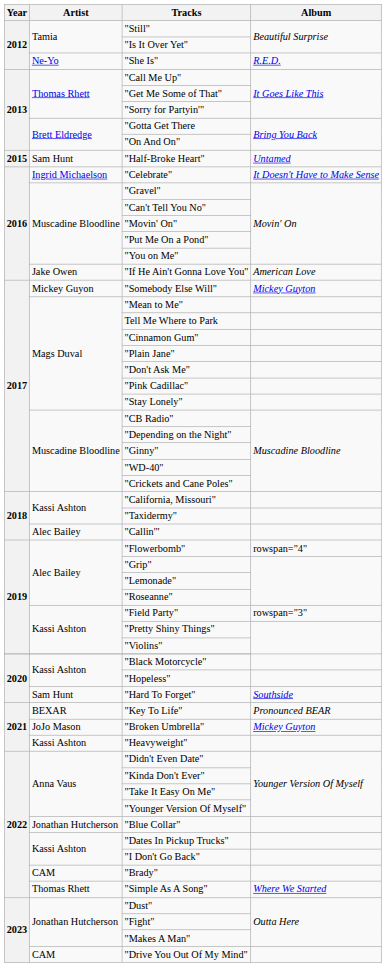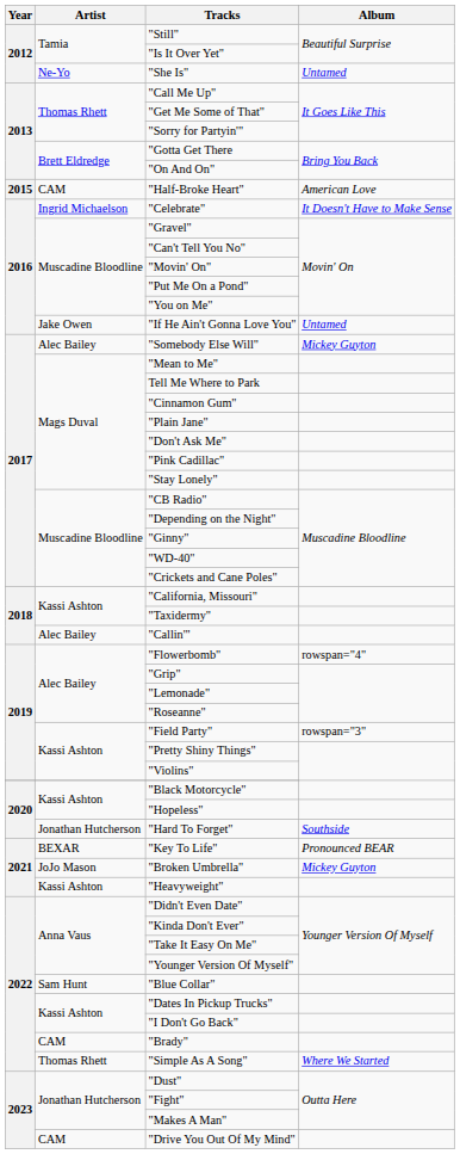 <table class="wikitable">
 <tr>
 <th>Year</th>
 <th>Artist</th>
 <th>Tracks</th>
 <th>Album</th>
 </tr>
 <tr>
 <th rowspan="3">2012</th>
 <td rowspan="2">Tamia</td>
 <td>"Still"</td>
 <td rowspan="2"><em>Beautiful Surprise</em></td>
 </tr>
 <tr>
 <td>"Is It Over Yet"</td>
 </tr>
 <tr>
 <td><a href='#'>Ne-Yo</a></td>
 <td>"She Is"</td>
-<td><em><a href='#'>R.E.D.</a></em></td>
+<td><em><a href='#'>Untamed</a></em></td>
 </tr>
 <tr>
 <th rowspan="5">2013</th>
 <td rowspan="3"><a href='#'>Thomas Rhett</a></td>
 <td>"Call Me Up"</td>
 <td rowspan="3"><em><a href='#'>It Goes Like This</a></em></td>
 </tr>
 <tr>
 <td>"Get Me Some of That"</td>
 </tr>
 <tr>
 <td>"Sorry for Partyin'"</td>
 </tr>
 <tr>
 <td rowspan = "2"><a href='#'>Brett Eldredge</a></td>
 <td>"Gotta Get There</td>
 <td rowspan = "2"><em><a href='#'>Bring You Back</a></em></td>
 </tr>
 <tr>
 <td>"On And On"</td>
 </tr>
 <tr>
 <th>2015</th>
-<td>Sam Hunt</td>
+<td>CAM</td>
 <td>"Half-Broke Heart"</td>
-<td><em><a href='#'>Untamed</a></em></td>
+<td><em>American Love</em></td>
 </tr>
 <tr>
 <th rowspan="7">2016</th>
 <td><a href='#'>Ingrid Michaelson</a></td>
 <td>"Celebrate"</td>
 <td><em><a href='#'>It Doesn't Have to Make Sense</a></em></td>
 </tr>
 <tr>
 <td rowspan="5">Muscadine Bloodline</td>
 <td>"Gravel"</td>
 <td rowspan="5"><em>Movin' On</em></td>
 </tr>
 <tr>
 <td>"Can't Tell You No"</td>
 </tr>
 <tr>
 <td>"Movin' On"</td>
 </tr>
 <tr>
 <td>"Put Me On a Pond"</td>
 </tr>
 <tr>
 <td>"You on Me"</td>
 </tr>
 <tr>
 <td>Jake Owen</td>
 <td>"If He Ain't Gonna Love You"</td>
-<td><em>American Love</em></td>
+<td><em><a href='#'>Untamed</a></em></td>
 </tr>
 <tr>
 <th rowspan="13">2017</th>
-<td>Mickey Guyon</td>
+<td>Alec Bailey</td>
 <td>"Somebody Else Will"</td>
 <td><em><a href='#'>Mickey Guyton</a></em></td>
 </tr>
 <tr>
 <td rowspan="7">Mags Duval</td>
 <td>"Mean to Me"</td>
 <td></td>
 </tr>
 <tr>
 <td>Tell Me Where to Park</td>
 <td></td>
 </tr>
 <tr>
 <td>"Cinnamon Gum"</td>
 <td></td>
 </tr>
 <tr>
 <td>"Plain Jane"</td>
 <td></td>
 </tr>
 <tr>
 <td>"Don't Ask Me"</td>
 <td></td>
 </tr>
 <tr>
 <td>"Pink Cadillac"</td>
 <td></td>
 </tr>
 <tr>
 <td>"Stay Lonely"</td>
 <td></td>
 </tr>
 <tr>
 <td rowspan="5">Muscadine Bloodline</td>
 <td>"CB Radio"</td>
 <td rowspan="5"><em>Muscadine Bloodline</em></td>
 </tr>
 <tr>
 <td>"Depending on the Night"</td>
 </tr>
 <tr>
 <td>"Ginny"</td>
 </tr>
 <tr>
 <td>"WD-40"</td>
 </tr>
 <tr>
 <td>"Crickets and Cane Poles"</td>
 </tr>
 <tr>
 <th rowspan="3">2018</th>
 <td rowspan = "2">Kassi Ashton</td>
 <td>"California, Missouri"</td>
 <td></td>
 </tr>
 <tr>
 <td>"Taxidermy"</td>
 <td></td>
 </tr>
 <tr>
 <td>Alec Bailey</td>
 <td>"Callin'"</td>
 <td></td>
 </tr>
 <tr>
 <th rowspan="7">2019</th>
 <td rowspan="4">Alec Bailey</td>
 <td>"Flowerbomb"</td>
 <td>rowspan="4" </td>
 </tr>
 <tr>
 <td>"Grip"</td>
 </tr>
 <tr>
 <td>"Lemonade"</td>
 </tr>
 <tr>
 <td>"Roseanne"</td>
 </tr>
 <tr>
 <td rowspan="3">Kassi Ashton</td>
 <td>"Field Party"</td>
 <td>rowspan="3" </td>
 </tr>
 <tr>
 <td>"Pretty Shiny Things"</td>
 </tr>
 <tr>
 <td>"Violins"</td>
 </tr>
 <tr>
 </tr>
 <tr>
 <th rowspan="3">2020</th>
 <td rowspan="2">Kassi Ashton</td>
 <td>"Black Motorcycle"</td>
 <td></td>
 </tr>
 <tr>
 <td>"Hopeless"</td>
 <td></td>
 </tr>
 <tr>
-<td>Sam Hunt</td>
+<td>Jonathan Hutcherson</td>
 <td>"Hard To Forget"</td>
 <td><em><a href='#'>Southside</a></em></td>
 </tr>
 <tr>
 <th rowspan="3">2021</th>
 <td>BEXAR</td>
 <td>"Key To Life"</td>
 <td><em>Pronounced BEAR</em></td>
 </tr>
 <tr>
 <td>JoJo Mason</td>
 <td>"Broken Umbrella"</td>
 <td><em><a href='#'>Mickey Guyton</a></em></td>
 </tr>
 <tr>
 <td>Kassi Ashton</td>
 <td>"Heavyweight"</td>
 <td></td>
 </tr>
 <tr>
 <th rowspan="9">2022</th>
 <td rowspan="4">Anna Vaus</td>
 <td>"Didn't Even Date"</td>
 <td rowspan="4"><em>Younger Version Of Myself</em></td>
 </tr>
 <tr>
 <td>"Kinda Don't Ever"</td>
 </tr>
 <tr>
 <td>"Take It Easy On Me"</td>
 </tr>
 <tr>
 <td>"Younger Version Of Myself"</td>
 </tr>
 <tr>
-<td>Jonathan Hutcherson</td>
+<td>Sam Hunt</td>
 <td>"Blue Collar"</td>
 <td></td>
 </tr>
 <tr>
 <td rowspan="2">Kassi Ashton</td>
 <td>"Dates In Pickup Trucks"</td>
 <td></td>
 </tr>
 <tr>
 <td>"I Don't Go Back"</td>
 <td></td>
 </tr>
 <tr>
 <td>CAM</td>
 <td>"Brady"</td>
 <td></td>
 </tr>
 <tr>
 <td>Thomas Rhett</td>
 <td>"Simple As A Song"</td>
 <td><em><a href='#'>Where We Started</a></em></td>
 </tr>
 <tr>
 <th rowspan="4">2023</th>
 <td rowspan="3">Jonathan Hutcherson</td>
 <td>"Dust"</td>
 <td rowspan="3"><em>Outta Here</em></td>
 </tr>
 <tr>
 <td>"Fight"</td>
 </tr>
 <tr>
 <td>"Makes A Man"</td>
 </tr>
 <tr>
 <td>CAM</td>
 <td>"Drive You Out Of My Mind"</td>
 <td></td>
 </tr>
 </table>
